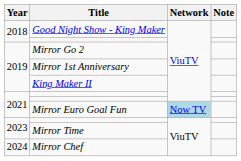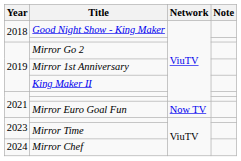 <table class="wikitable plainrowheaders">
 <tr>
 <th scope="col">Year</th>
 <th scope="col">Title</th>
 <th scope="col">Network</th>
 <th scope="col">Note</th>
 </tr>
 <tr>
 <td rowspan=2>2018</td>
 <td><em><a href='#'>Good Night Show - King Maker</a></em></td>
 <td rowspan=7><a href='#'>ViuTV</a></td>
 <td></td>
 </tr>
 <tr>
 <td></td>
 <td></td>
 </tr>
 <tr>
 <td rowspan=3>2019</td>
 <td><em>Mirror Go</em> <em>2</em></td>
 <td></td>
 </tr>
 <tr>
 <td><em>Mirror 1st Anniversary</em></td>
 <td></td>
 </tr>
 <tr>
 <td><em><a href='#'>King Maker II</a></em></td>
 <td></td>
 </tr>
 <tr>
 <td rowspan=3>2021</td>
 <td></td>
 <td></td>
 </tr>
 <tr>
 <td></td>
 <td></td>
 </tr>
 <tr>
 <td><em>Mirror Euro Goal Fun</em></td>
-<td style="background: lightblue;"><a href='#'>Now TV</a></td>
+<td><a href='#'>Now TV</a></td>
 <td></td>
 </tr>
 <tr>
 <td rowspan="2">2023</td>
 <td></td>
 <td rowspan="3">ViuTV</td>
 <td></td>
 </tr>
 <tr>
 <td><em>Mirror Time</em></td>
 <td></td>
 </tr>
 <tr>
 <td>2024</td>
 <td><em>Mirror Chef</em></td>
 <td></td>
 </tr>
 </table>
